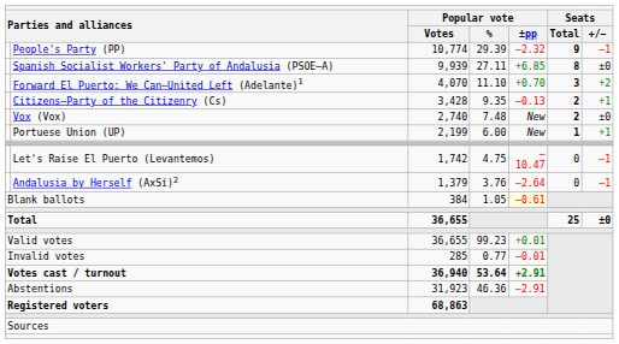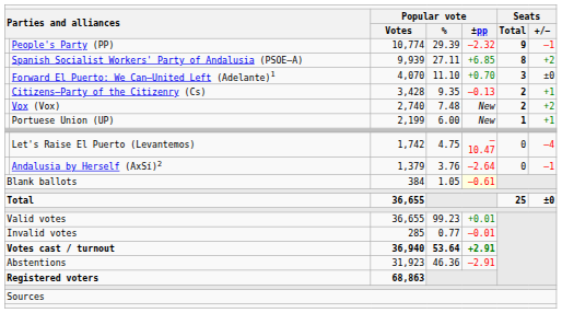 <table class="wikitable" style="text-align:right;">
 <tr>
 <td colspan="7"></td>
 </tr>
 <tr>
 <th style="text-align:left;" rowspan="2" colspan="2" width="525">Parties and alliances</th>
 <th colspan="3">Popular vote</th>
 <th colspan="2">Seats</th>
 </tr>
 <tr>
 <th width="75">Votes</th>
 <th width="45">%</th>
 <th width="45">±<a href='#'>pp</a></th>
 <th width="35">Total</th>
 <th width="35">+/−</th>
 </tr>
 <tr>
 <td width="1" style="color:inherit;background:"></td>
 <td align="left"><a href='#'>People's Party</a> (PP)</td>
 <td>10,774</td>
 <td>29.39</td>
 <td style="color:red;">–2.32</td>
 <td><strong>9</strong></td>
 <td style="color:red;">–1</td>
 </tr>
 <tr>
 <td style="color:inherit;background:"></td>
 <td align="left"><a href='#'>Spanish Socialist Workers' Party of Andalusia</a> (PSOE–A)</td>
 <td>9,939</td>
 <td>27.11</td>
 <td style="color:green;">+6.85</td>
 <td><strong>8</strong></td>
-<td>±0</td>
+<td style="color:green;">+2</td>
 </tr>
 <tr>
 <td style="color:inherit;background:"></td>
 <td align="left"><a href='#'>Forward El Puerto: We Can–United Left</a> (Adelante)<sup>1</sup></td>
 <td>4,070</td>
 <td>11.10</td>
 <td style="color:green;">+0.70</td>
 <td><strong>3</strong></td>
-<td style="color:green;">+2</td>
+<td>±0</td>
 </tr>
 <tr>
 <td style="color:inherit;background:"></td>
 <td align="left"><a href='#'>Citizens–Party of the Citizenry</a> (Cs)</td>
 <td>3,428</td>
 <td>9.35</td>
 <td style="color:red;">–0.13</td>
 <td><strong>2</strong></td>
 <td style="color:green;">+1</td>
 </tr>
 <tr>
 <td style="color:inherit;background:"></td>
 <td align="left"><a href='#'>Vox</a> (Vox)</td>
 <td>2,740</td>
 <td>7.48</td>
 <td><em>New</em></td>
 <td><strong>2</strong></td>
-<td>±0</td>
+<td style="color:green;">+2</td>
 </tr>
 <tr>
 <td style="color:inherit;background:"></td>
 <td align="left">Portuese Union (UP)</td>
 <td>2,199</td>
 <td>6.00</td>
 <td><em>New</em></td>
 <td><strong>1</strong></td>
 <td style="color:green;">+1</td>
 </tr>
 <tr>
 <td colspan="7" bgcolor="#C0C0C0"></td>
 </tr>
 <tr>
 <td style="color:inherit;background:"></td>
 <td align="left">Let's Raise El Puerto (Levantemos)</td>
 <td>1,742</td>
 <td>4.75</td>
 <td style="color:red;">–10.47</td>
 <td>0</td>
-<td style="color:red;">–1</td>
+<td style="color:red;">–4</td>
 </tr>
 <tr>
 <td style="color:inherit;background:"></td>
 <td align="left"><a href='#'>Andalusia by Herself</a> (AxSí)<sup>2</sup></td>
 <td>1,379</td>
 <td>3.76</td>
 <td style="color:red;">–2.64</td>
 <td>0</td>
 <td style="color:red;">–1</td>
 </tr>
 <tr>
 <td align="left" colspan="2">Blank ballots</td>
 <td>384</td>
 <td>1.05</td>
 <td style="background: lightyellow; color:red;">–0.61</td>
 <td bgcolor="#E9E9E9" colspan="2"></td>
 </tr>
 <tr>
 <td colspan="7" bgcolor="#E9E9E9"></td>
 </tr>
 <tr style="font-weight:bold;">
 <td align="left" colspan="2">Total</td>
 <td>36,655</td>
 <td bgcolor="#E9E9E9" colspan="2"></td>
 <td>25</td>
 <td>±0</td>
 </tr>
 <tr>
 <td colspan="7" bgcolor="#E9E9E9"></td>
 </tr>
 <tr>
 <td align="left" colspan="2">Valid votes</td>
 <td>36,655</td>
 <td>99.23</td>
 <td style="color:green;">+0.01</td>
 <td bgcolor="#E9E9E9" colspan="2" rowspan="5"></td>
 </tr>
 <tr>
 <td align="left" colspan="2">Invalid votes</td>
 <td>285</td>
 <td>0.77</td>
 <td style="color:red;">–0.01</td>
 </tr>
 <tr style="font-weight:bold;">
 <td align="left" colspan="2">Votes cast / turnout</td>
 <td>36,940</td>
 <td>53.64</td>
 <td style="color:green;">+2.91</td>
 </tr>
 <tr>
 <td align="left" colspan="2">Abstentions</td>
 <td>31,923</td>
 <td>46.36</td>
 <td style="color:red;">–2.91</td>
 </tr>
 <tr style="font-weight:bold;">
 <td align="left" colspan="2">Registered voters</td>
 <td>68,863</td>
 <td bgcolor="#E9E9E9" colspan="2"></td>
 </tr>
 <tr>
 <td colspan="7" bgcolor="#E9E9E9"></td>
 </tr>
 <tr>
 <td align="left" colspan="7">Sources</td>
 </tr>
 <tr>
 <td colspan="7" style="text-align:left; max-width:790px;"></td>
 </tr>
 </table>
